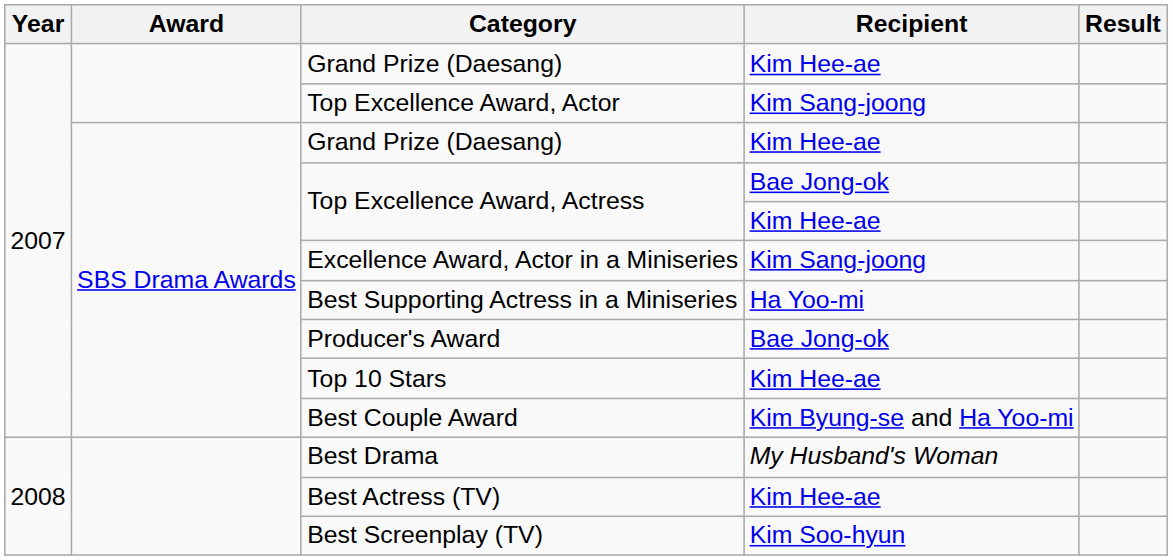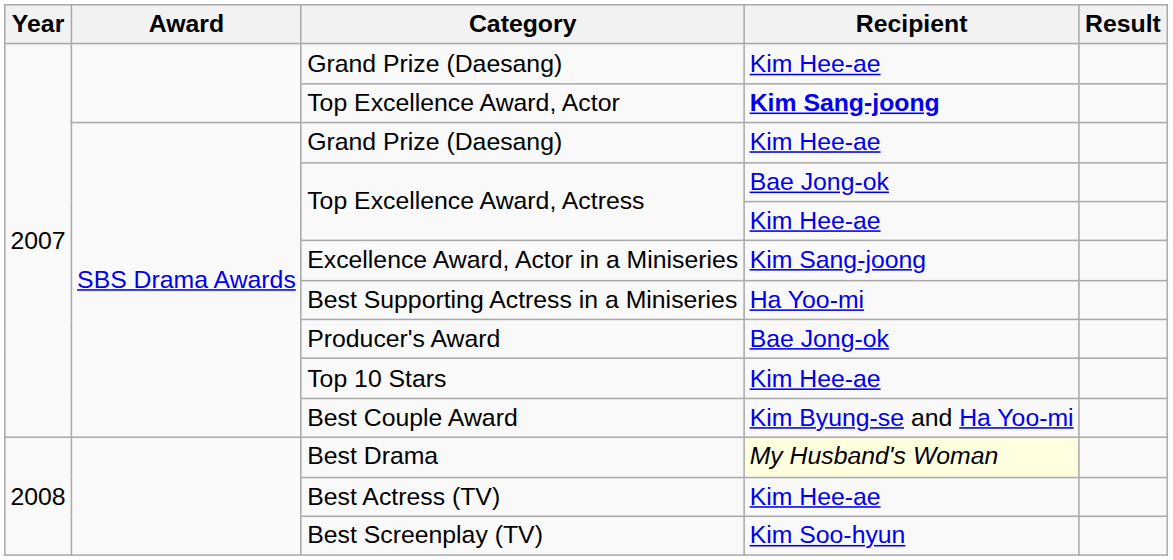 <table class="wikitable">
 <tr>
 <th>Year</th>
 <th>Award</th>
 <th>Category</th>
 <th>Recipient</th>
 <th>Result</th>
 </tr>
 <tr>
 <td rowspan=10>2007</td>
 <td rowspan=2></td>
 <td>Grand Prize (Daesang)</td>
 <td><a href='#'>Kim Hee-ae</a></td>
 <td></td>
 </tr>
 <tr>
 <td>Top Excellence Award, Actor</td>
-<td><a href='#'>Kim Sang-joong</a></td>
+<td><strong><a href='#'>Kim Sang-joong</a></strong></td>
 <td></td>
 </tr>
 <tr>
 <td rowspan=8 style="text-align:center;"><a href='#'>SBS Drama Awards</a></td>
 <td>Grand Prize (Daesang)</td>
 <td><a href='#'>Kim Hee-ae</a></td>
 <td></td>
 </tr>
 <tr>
 <td rowspan=2>Top Excellence Award, Actress</td>
 <td><a href='#'>Bae Jong-ok</a></td>
 <td></td>
 </tr>
 <tr>
 <td><a href='#'>Kim Hee-ae</a></td>
 <td></td>
 </tr>
 <tr>
 <td>Excellence Award, Actor in a Miniseries</td>
 <td><a href='#'>Kim Sang-joong</a></td>
 <td></td>
 </tr>
 <tr>
 <td>Best Supporting Actress in a Miniseries</td>
 <td><a href='#'>Ha Yoo-mi</a></td>
 <td></td>
 </tr>
 <tr>
 <td>Producer's Award</td>
 <td><a href='#'>Bae Jong-ok</a></td>
 <td></td>
 </tr>
 <tr>
 <td>Top 10 Stars</td>
 <td><a href='#'>Kim Hee-ae</a></td>
 <td></td>
 </tr>
 <tr>
 <td>Best Couple Award</td>
 <td><a href='#'>Kim Byung-se</a> and <a href='#'>Ha Yoo-mi</a></td>
 <td></td>
 </tr>
 <tr>
 <td rowspan=3>2008</td>
 <td rowspan=3></td>
 <td>Best Drama</td>
-<td><em>My Husband's Woman</em></td>
+<td style="background: lightyellow;"><em>My Husband's Woman</em></td>
 <td></td>
 </tr>
 <tr>
 <td>Best Actress (TV)</td>
 <td><a href='#'>Kim Hee-ae</a></td>
 <td></td>
 </tr>
 <tr>
 <td>Best Screenplay (TV)</td>
 <td><a href='#'>Kim Soo-hyun</a></td>
 <td></td>
 </tr>
 </table>
